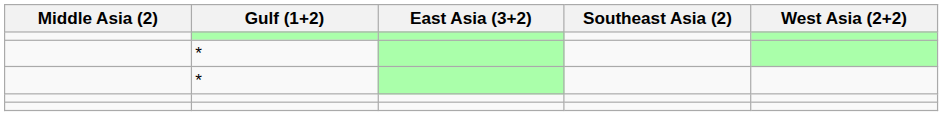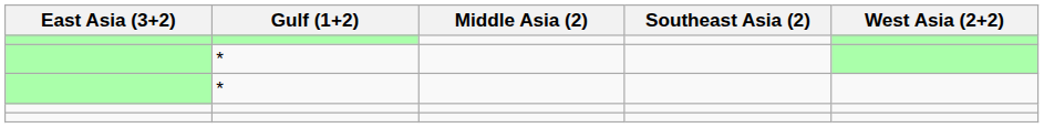 <table class=wikitable style="font-size:90%;">
 <tr>
+<th width=150>East Asia (3+2)</th>
+<th width=150>Gulf (1+2)</th>
 <th width=150>Middle Asia (2)</th>
-<th width=150>Gulf (1+2)</th>
-<th width=150>East Asia (3+2)</th>
 <th width=150>Southeast Asia (2)</th>
 <th width=150>West Asia (2+2)</th>
 </tr>
 <tr>
-<td></td>
 <td bgcolor="#aaffaa"></td>
 <td bgcolor="#aaffaa"></td>
+<td></td>
 <td></td>
 <td bgcolor="#aaffaa"></td>
 </tr>
 <tr>
+<td bgcolor="#aaffaa"></td>
+<td><s></s> *</td>
 <td></td>
-<td><s></s> *</td>
-<td bgcolor="#aaffaa"></td>
 <td></td>
 <td bgcolor="#aaffaa"></td>
 </tr>
 <tr>
+<td bgcolor="#aaffaa"></td>
+<td><s></s> *</td>
 <td></td>
-<td><s></s> *</td>
-<td bgcolor="#aaffaa"></td>
 <td></td>
 <td></td>
 </tr>
 <tr>
 <td></td>
 <td></td>
 <td></td>
 <td></td>
 <td></td>
 </tr>
 <tr>
 <td></td>
 <td></td>
 <td></td>
 <td></td>
 <td></td>
 </tr>
 </table>
